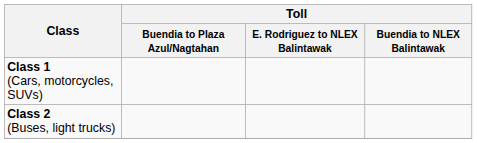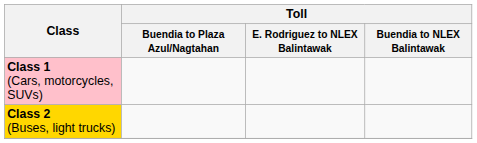 <table class="wikitable">
 <tr>
 <th rowspan=2>Class</th>
 <th colspan=4>Toll</th>
 </tr>
 <tr>
 <th><small>Buendia to Plaza Azul/Nagtahan</small></th>
 <th><small>E. Rodriguez to NLEX Balintawak</small></th>
 <th><small>Buendia to NLEX Balintawak</small></th>
 </tr>
 <tr>
-<td><strong>Class 1</strong><br>(Cars, motorcycles, SUVs)</td>
+<td style="background: pink;"><strong>Class 1</strong><br>(Cars, motorcycles, SUVs)</td>
 <td></td>
 <td></td>
 <td></td>
 </tr>
 <tr>
-<td><strong>Class 2</strong><br>(Buses, light trucks)</td>
+<td style="background: gold;"><strong>Class 2</strong><br>(Buses, light trucks)</td>
 <td></td>
 <td></td>
 <td></td>
 </tr>
 <tr>
 </tr>
 </table>
